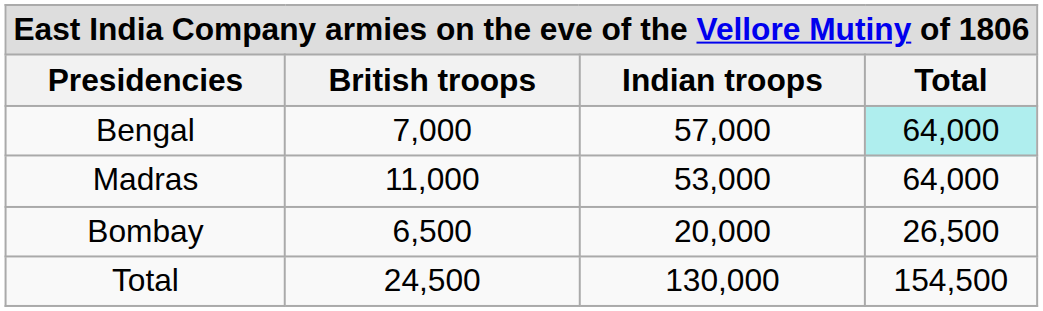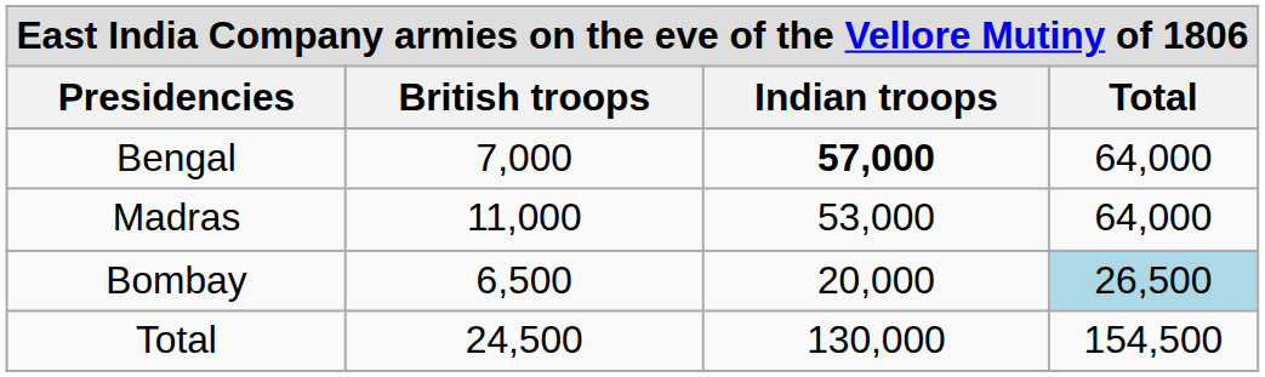 <table class="wikitable" style="margin-right:auto; margin-left:auto;">
 <tr>
 <th style="background:#ddd;" colspan="4">East India Company armies on the eve of the <a href='#'>Vellore Mutiny</a> of 1806</th>
 </tr>
 <tr>
 <th>Presidencies</th>
 <th>British troops</th>
 <th>Indian troops</th>
 <th>Total</th>
 </tr>
 <tr style="text-align:center;">
 <td>Bengal</td>
 <td style="text-align:center;">7,000</td>
-<td style="text-align:center;">57,000</td>
-<td style="background: paleturquoise; text-align:center;">64,000</td>
+<td style="text-align:center;"><strong>57,000</strong></td>
+<td style="text-align:center;">64,000</td>
 </tr>
 <tr style="text-align:center;">
 <td>Madras</td>
 <td style="text-align:center;">11,000</td>
 <td style="text-align:center;">53,000</td>
 <td style="text-align:center;">64,000</td>
 </tr>
 <tr style="text-align:center;">
 <td>Bombay</td>
 <td style="text-align:center;">6,500</td>
 <td style="text-align:center;">20,000</td>
-<td style="text-align:center;">26,500</td>
+<td style="background: lightblue; text-align:center;">26,500</td>
 </tr>
 <tr style="text-align:center;">
 <td>Total</td>
 <td style="text-align:center;">24,500</td>
 <td style="text-align:center;">130,000</td>
 <td style="text-align:center;">154,500</td>
 </tr>
 </table>
